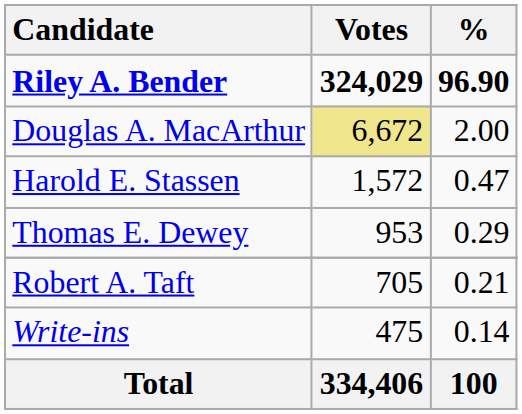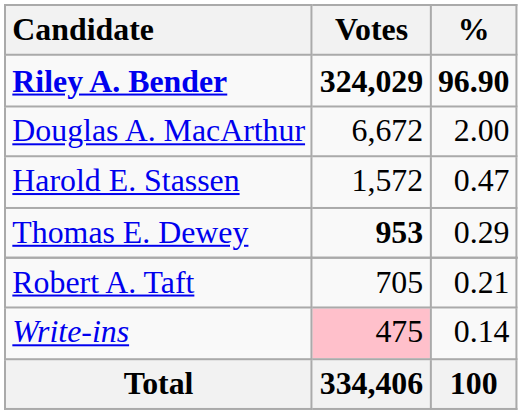 <table class="wikitable sortable plainrowheaders" style="text-align:right">
 <tr>
 <th style="text-align:left;">Candidate</th>
 <th>Votes</th>
 <th>%</th>
 </tr>
 <tr>
 <td style="text-align:left;"><strong><a href='#'>Riley A. Bender</a></strong></td>
 <td><strong>324,029</strong></td>
 <td><strong>96.90</strong></td>
 </tr>
 <tr>
 <td style="text-align:left;"><a href='#'>Douglas A. MacArthur</a></td>
-<td style="background: khaki;">6,672</td>
+<td>6,672</td>
 <td>2.00</td>
 </tr>
 <tr>
 <td style="text-align:left;"><a href='#'>Harold E. Stassen</a></td>
 <td>1,572</td>
 <td>0.47</td>
 </tr>
 <tr>
 <td style="text-align:left;"><a href='#'>Thomas E. Dewey</a></td>
-<td>953</td>
+<td><strong>953</strong></td>
 <td>0.29</td>
 </tr>
 <tr>
 </tr>
 <tr>
 <td style="text-align:left;"><a href='#'>Robert A. Taft</a></td>
 <td>705</td>
 <td>0.21</td>
 </tr>
 <tr>
 <td style="text-align:left;"><em><a href='#'>Write-ins</a></em></td>
-<td>475</td>
+<td style="background: pink;">475</td>
 <td>0.14</td>
 </tr>
 <tr class="sortbottom">
 <th>Total</th>
 <th>334,406</th>
 <th>100</th>
 </tr>
 </table>
